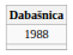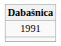 <table class="wikitable" style="margin: 0.5em auto; text-align: center;">
 <tr>
 <th colspan="1">Dabašnica</th>
 </tr>
 <tr>
-<td>1988</td>
+<td>1991</td>
 </tr>
 <tr>
 <td></td>
 </tr>
 <tr>
 </tr>
 </table>
